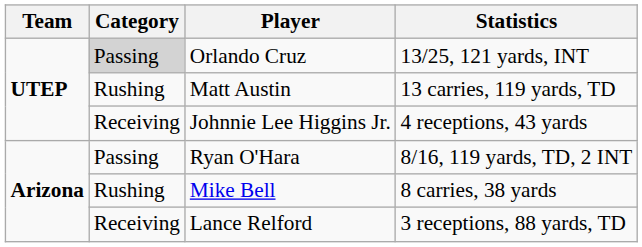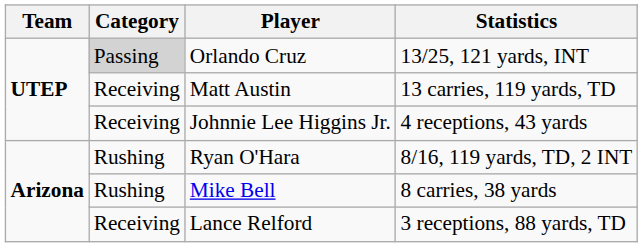 <table class="wikitable" style="float: right;">
 <tr>
 <th>Team</th>
 <th>Category</th>
 <th>Player</th>
 <th>Statistics</th>
 </tr>
 <tr>
 <td rowspan=3><strong>UTEP</strong></td>
 <td style="background: lightgrey;">Passing</td>
 <td>Orlando Cruz</td>
 <td>13/25, 121 yards, INT</td>
 </tr>
 <tr>
-<td>Rushing</td>
+<td>Receiving</td>
 <td>Matt Austin</td>
 <td>13 carries, 119 yards, TD</td>
 </tr>
 <tr>
 <td>Receiving</td>
 <td>Johnnie Lee Higgins Jr.</td>
 <td>4 receptions, 43 yards</td>
 </tr>
 <tr>
 <td rowspan=3><strong>Arizona</strong></td>
-<td>Passing</td>
+<td>Rushing</td>
 <td>Ryan O'Hara</td>
 <td>8/16, 119 yards, TD, 2 INT</td>
 </tr>
 <tr>
 <td>Rushing</td>
 <td><a href='#'>Mike Bell</a></td>
 <td>8 carries, 38 yards</td>
 </tr>
 <tr>
 <td>Receiving</td>
 <td>Lance Relford</td>
 <td>3 receptions, 88 yards, TD</td>
 </tr>
 </table>
